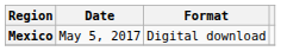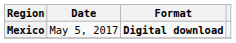 <table class="wikitable plainrowheaders">
 <tr>
 <th scope="col">Region</th>
 <th scope="col">Date</th>
 <th scope="col">Format</th>
 <th scope="col"></th>
 </tr>
 <tr>
 <th scope="row">Mexico</th>
 <td scope="row">May 5, 2017</td>
-<td>Digital download</td>
+<td><strong>Digital download</strong></td>
 <td style="text-align:center;"></td>
 </tr>
 <tr>
 </tr>
 </table>
